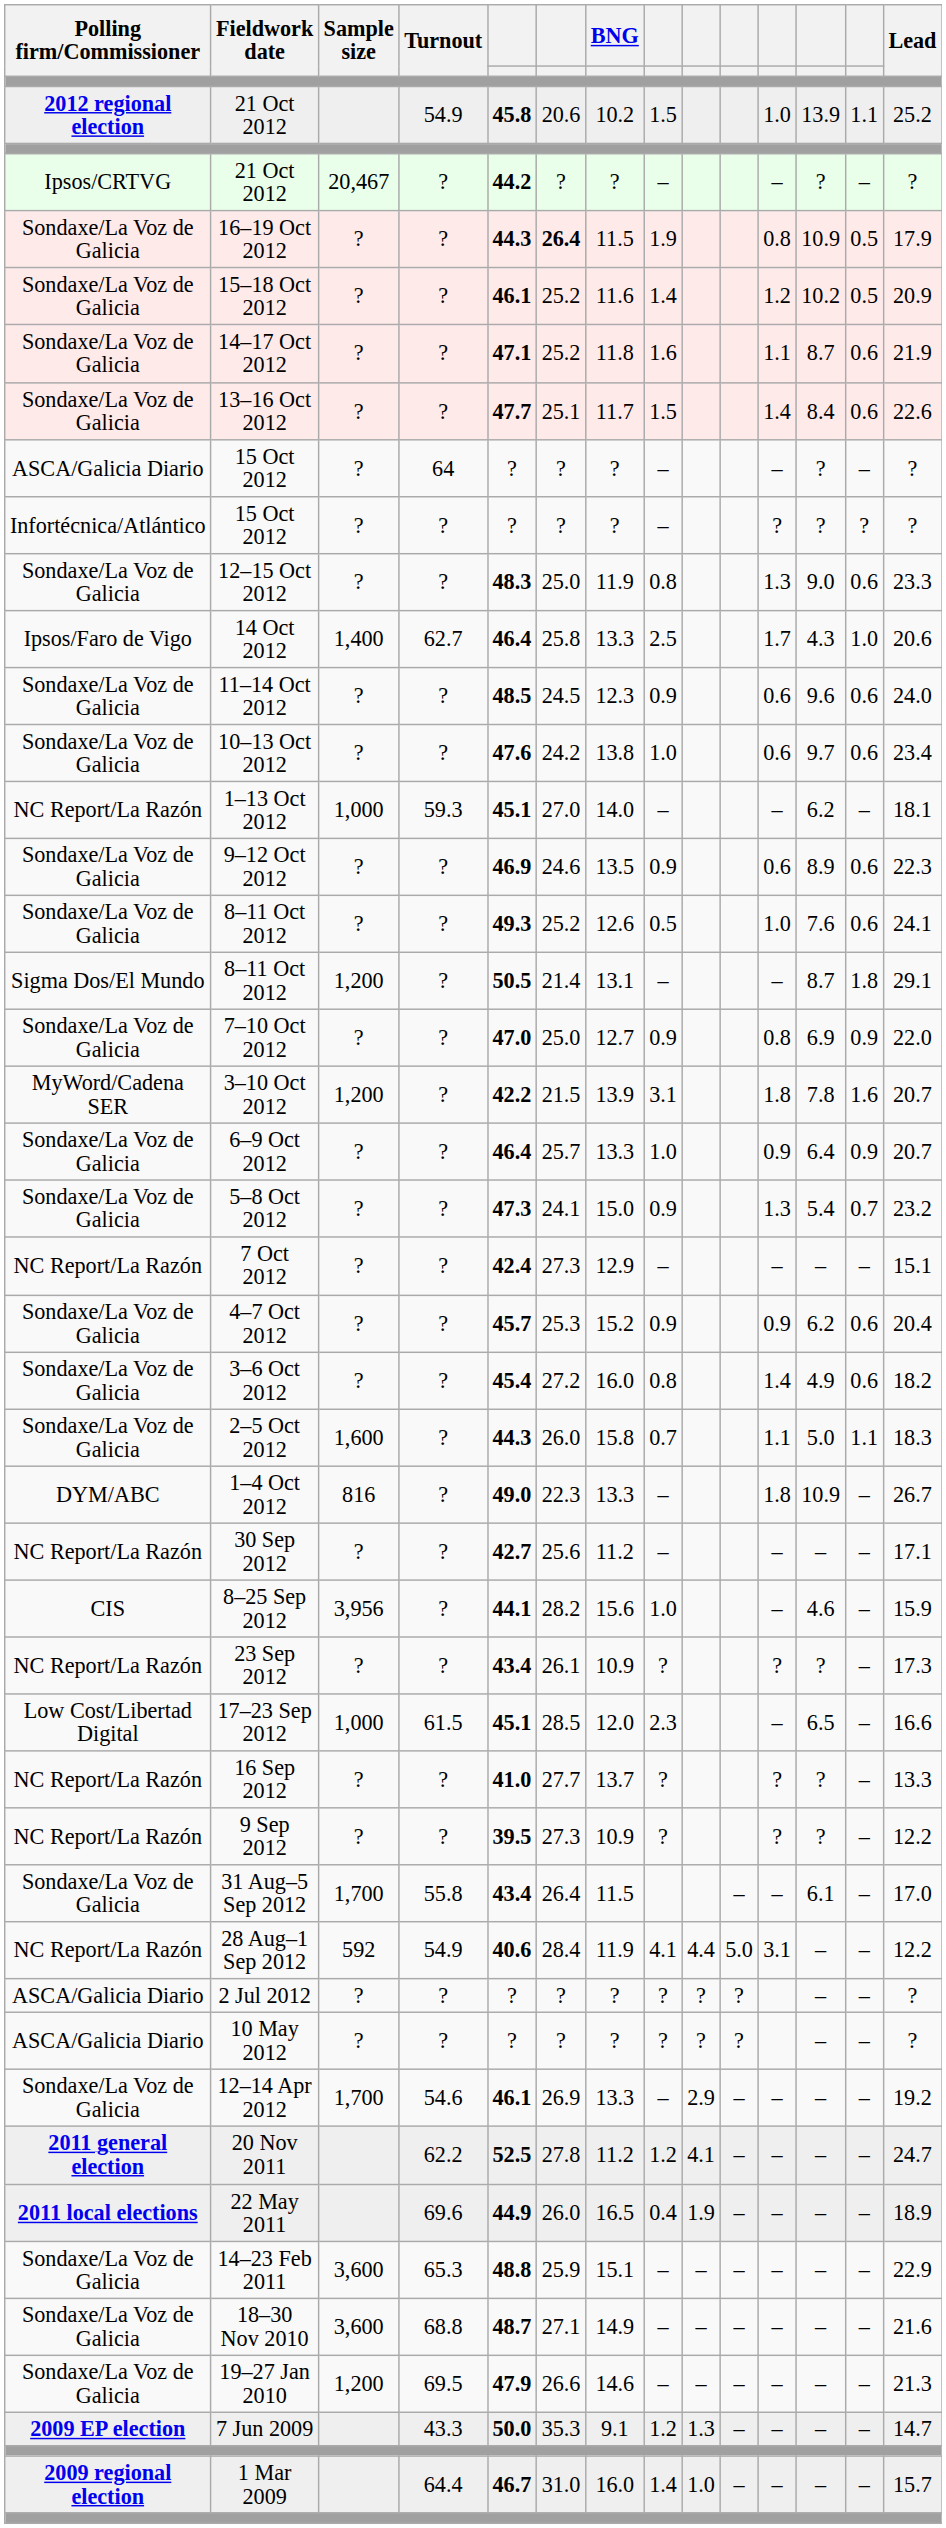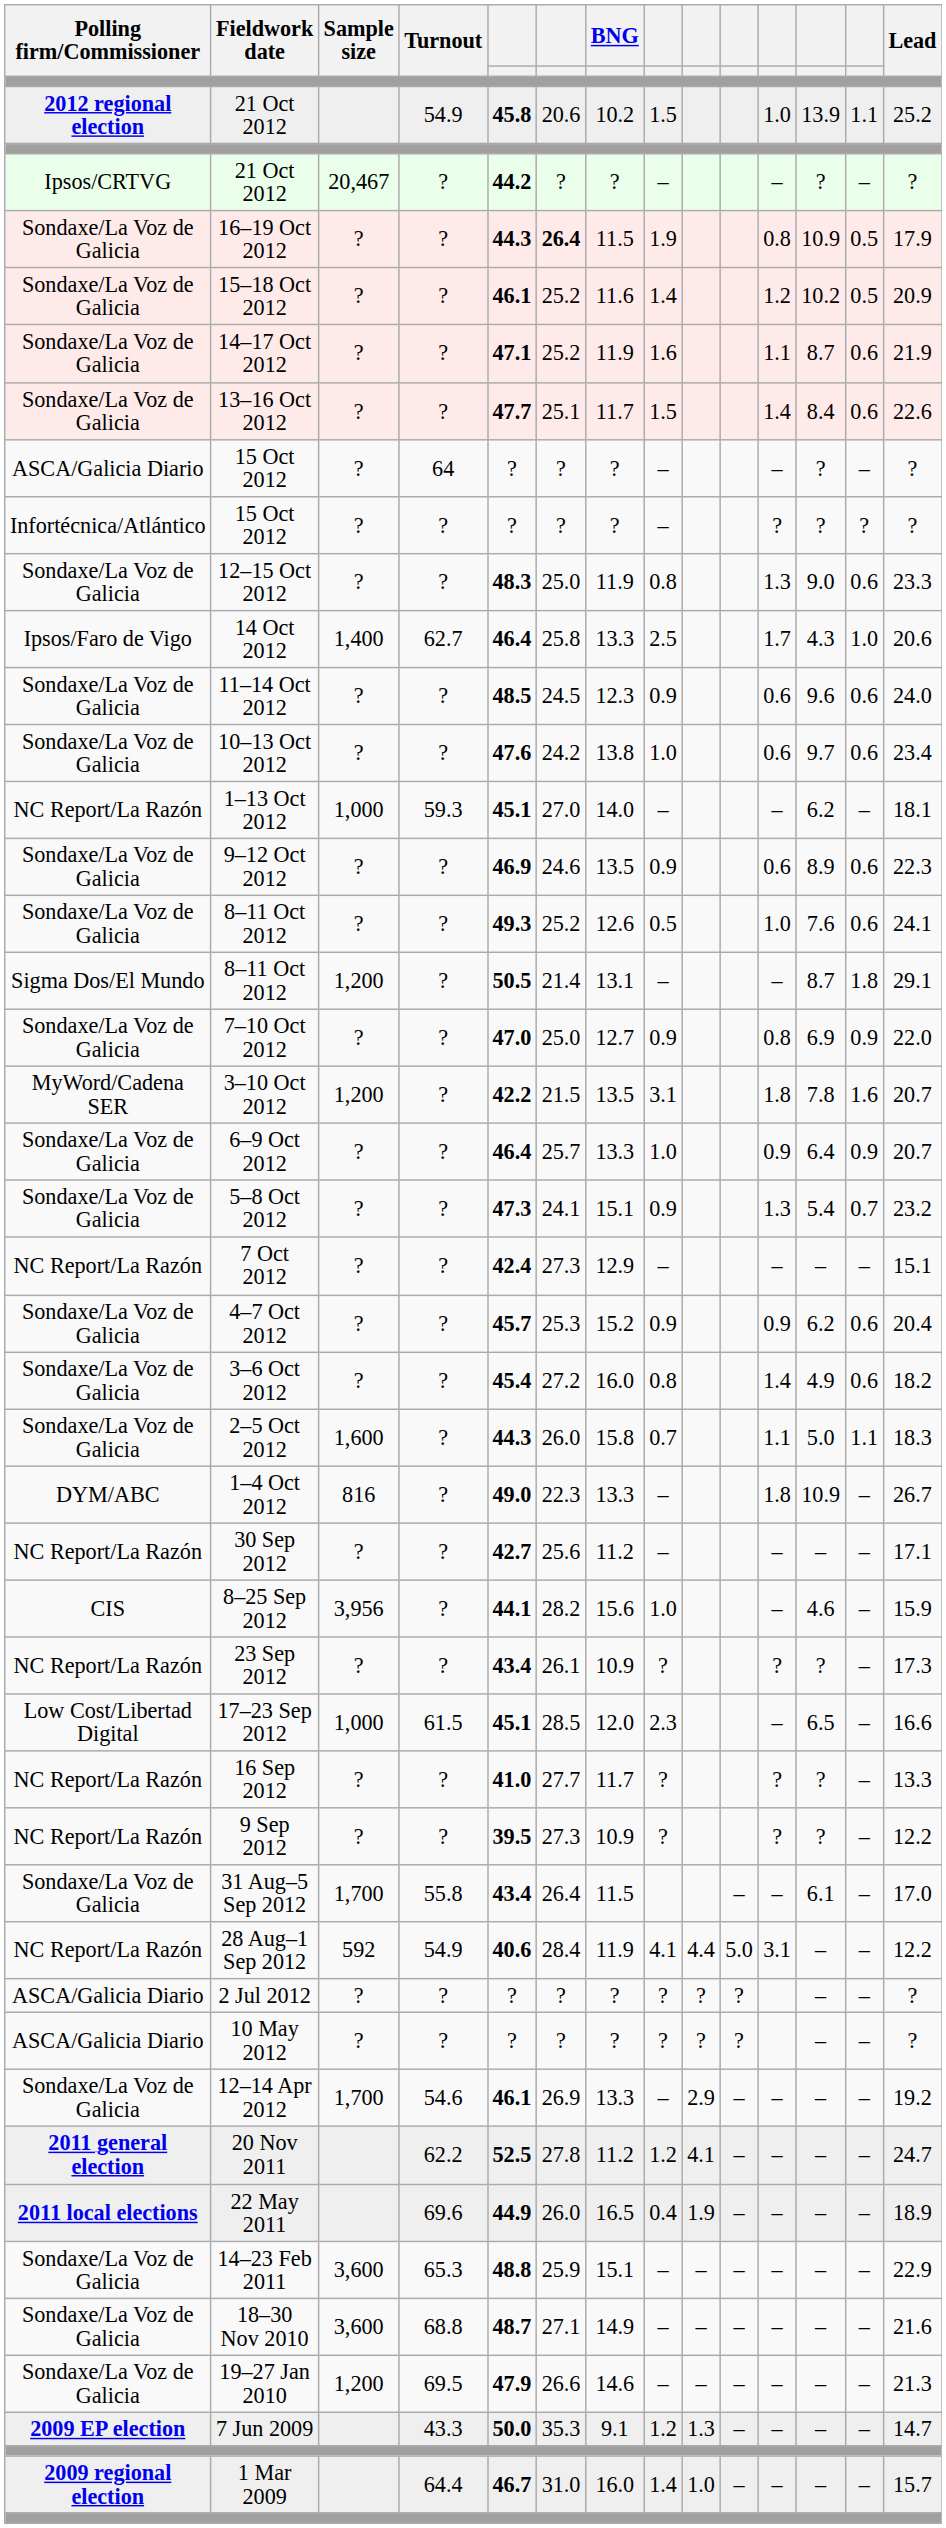 <table class="wikitable collapsible collapsed" style="text-align:center; font-size:95%; line-height:16px;">
 <tr style="height:42px;">
 <th style="width:250px;" rowspan="2">Polling firm/Commissioner</th>
 <th style="width:125px;" rowspan="2">Fieldwork date</th>
 <th style="width:50px;" rowspan="2">Sample size</th>
 <th style="width:45px;" rowspan="2">Turnout</th>
 <th style="width:35px;"></th>
 <th style="width:35px;"></th>
 <th style="width:35px;"><a href='#'>BNG</a></th>
 <th style="width:35px;"></th>
 <th style="width:35px;"></th>
 <th style="width:35px;"></th>
 <th style="width:35px;"></th>
 <th style="width:35px;"></th>
 <th style="width:35px;"></th>
 <th style="width:30px;" rowspan="2">Lead</th>
 </tr>
 <tr>
 <th style="color:inherit;background:"></th>
 <th style="color:inherit;background:"></th>
 <th style="color:inherit;background:"></th>
 <th style="color:inherit;background:"></th>
 <th style="color:inherit;background:"></th>
 <th style="color:inherit;background:"></th>
 <th style="color:inherit;background:"></th>
 <th style="color:inherit;background:"></th>
 <th style="color:inherit;background:"></th>
 </tr>
 <tr>
 <td colspan="14" style="background:#A0A0A0"></td>
 </tr>
 <tr style="background:#EFEFEF;">
 <td><strong><a href='#'>2012 regional election</a></strong></td>
 <td>21 Oct 2012</td>
 <td></td>
 <td>54.9</td>
 <td><strong>45.8</strong><br></td>
 <td>20.6<br></td>
 <td>10.2<br></td>
 <td>1.5<br></td>
 <td></td>
 <td></td>
 <td>1.0<br></td>
 <td>13.9<br></td>
 <td>1.1<br></td>
 <td style="background:">25.2</td>
 </tr>
 <tr>
 <td colspan="14" style="background:#A0A0A0"></td>
 </tr>
 <tr style="background:#EAFFEA;">
 <td>Ipsos/CRTVG</td>
 <td>21 Oct 2012</td>
 <td>20,467</td>
 <td>?</td>
 <td><strong>44.2</strong><br></td>
 <td>?<br></td>
 <td>?<br></td>
 <td>–</td>
 <td></td>
 <td></td>
 <td>–</td>
 <td>?<br></td>
 <td>–</td>
 <td style="background:">?</td>
 </tr>
 <tr style="background:#FFEAEA;">
 <td>Sondaxe/La Voz de Galicia</td>
 <td>16–19 Oct 2012</td>
 <td>?</td>
 <td>?</td>
 <td><strong>44.3</strong><br></td>
 <td><strong>26.4<br></strong></td>
 <td>11.5<br></td>
 <td>1.9<br></td>
 <td></td>
 <td></td>
 <td>0.8<br></td>
 <td>10.9<br></td>
 <td>0.5<br></td>
 <td style="background:">17.9</td>
 </tr>
 <tr style="background:#FFEAEA;">
 <td>Sondaxe/La Voz de Galicia</td>
 <td>15–18 Oct 2012</td>
 <td>?</td>
 <td>?</td>
 <td><strong>46.1</strong><br></td>
 <td>25.2<br></td>
 <td>11.6<br></td>
 <td>1.4<br></td>
 <td></td>
 <td></td>
 <td>1.2<br></td>
 <td>10.2<br></td>
 <td>0.5<br></td>
 <td style="background:">20.9</td>
 </tr>
 <tr style="background:#FFEAEA;">
 <td>Sondaxe/La Voz de Galicia</td>
 <td>14–17 Oct 2012</td>
 <td>?</td>
 <td>?</td>
 <td><strong>47.1</strong><br></td>
 <td>25.2<br></td>
-<td>11.8<br></td>
+<td>11.9<br></td>
 <td>1.6<br></td>
 <td></td>
 <td></td>
 <td>1.1<br></td>
 <td>8.7<br></td>
 <td>0.6<br></td>
 <td style="background:">21.9</td>
 </tr>
 <tr style="background:#FFEAEA;">
 <td>Sondaxe/La Voz de Galicia</td>
 <td>13–16 Oct 2012</td>
 <td>?</td>
 <td>?</td>
 <td><strong>47.7</strong><br></td>
 <td>25.1<br></td>
 <td>11.7<br></td>
 <td>1.5<br></td>
 <td></td>
 <td></td>
 <td>1.4<br></td>
 <td>8.4<br></td>
 <td>0.6<br></td>
 <td style="background:">22.6</td>
 </tr>
 <tr>
 <td>ASCA/Galicia Diario</td>
 <td>15 Oct 2012</td>
 <td>?</td>
 <td>64</td>
 <td>?<br></td>
 <td>?<br></td>
 <td>?<br></td>
 <td>–</td>
 <td></td>
 <td></td>
 <td>–</td>
 <td>?<br></td>
 <td>–</td>
 <td style="background:">?</td>
 </tr>
 <tr>
 <td>Infortécnica/Atlántico</td>
 <td>15 Oct 2012</td>
 <td>?</td>
 <td>?</td>
 <td>?<br></td>
 <td>?<br></td>
 <td>?<br></td>
 <td>–</td>
 <td></td>
 <td></td>
 <td>?<br></td>
 <td>?<br></td>
 <td>?<br></td>
 <td style="background:">?</td>
 </tr>
 <tr>
 <td>Sondaxe/La Voz de Galicia</td>
 <td>12–15 Oct 2012</td>
 <td>?</td>
 <td>?</td>
 <td><strong>48.3</strong><br></td>
 <td>25.0<br></td>
 <td>11.9<br></td>
 <td>0.8<br></td>
 <td></td>
 <td></td>
 <td>1.3<br></td>
 <td>9.0<br></td>
 <td>0.6<br></td>
 <td style="background:">23.3</td>
 </tr>
 <tr>
 <td>Ipsos/Faro de Vigo</td>
 <td>14 Oct 2012</td>
 <td>1,400</td>
 <td>62.7</td>
 <td><strong>46.4</strong><br></td>
 <td>25.8<br></td>
 <td>13.3<br></td>
 <td>2.5<br></td>
 <td></td>
 <td></td>
 <td>1.7<br></td>
 <td>4.3<br></td>
 <td>1.0<br></td>
 <td style="background:">20.6</td>
 </tr>
 <tr>
 <td>Sondaxe/La Voz de Galicia</td>
 <td>11–14 Oct 2012</td>
 <td>?</td>
 <td>?</td>
 <td><strong>48.5</strong><br></td>
 <td>24.5<br></td>
 <td>12.3<br></td>
 <td>0.9<br></td>
 <td></td>
 <td></td>
 <td>0.6<br></td>
 <td>9.6<br></td>
 <td>0.6<br></td>
 <td style="background:">24.0</td>
 </tr>
 <tr>
 <td>Sondaxe/La Voz de Galicia</td>
 <td>10–13 Oct 2012</td>
 <td>?</td>
 <td>?</td>
 <td><strong>47.6</strong><br></td>
 <td>24.2<br></td>
 <td>13.8<br></td>
 <td>1.0<br></td>
 <td></td>
 <td></td>
 <td>0.6<br></td>
 <td>9.7<br></td>
 <td>0.6<br></td>
 <td style="background:">23.4</td>
 </tr>
 <tr>
 <td>NC Report/La Razón</td>
 <td>1–13 Oct 2012</td>
 <td>1,000</td>
 <td>59.3</td>
 <td><strong>45.1</strong><br></td>
 <td>27.0<br></td>
 <td>14.0<br></td>
 <td>–</td>
 <td></td>
 <td></td>
 <td>–</td>
 <td>6.2<br></td>
 <td>–</td>
 <td style="background:">18.1</td>
 </tr>
 <tr>
 <td>Sondaxe/La Voz de Galicia</td>
 <td>9–12 Oct 2012</td>
 <td>?</td>
 <td>?</td>
 <td><strong>46.9</strong><br></td>
 <td>24.6<br></td>
 <td>13.5<br></td>
 <td>0.9<br></td>
 <td></td>
 <td></td>
 <td>0.6<br></td>
 <td>8.9<br></td>
 <td>0.6<br></td>
 <td style="background:">22.3</td>
 </tr>
 <tr>
 <td>Sondaxe/La Voz de Galicia</td>
 <td>8–11 Oct 2012</td>
 <td>?</td>
 <td>?</td>
 <td><strong>49.3</strong><br></td>
 <td>25.2<br></td>
 <td>12.6<br></td>
 <td>0.5<br></td>
 <td></td>
 <td></td>
 <td>1.0<br></td>
 <td>7.6<br></td>
 <td>0.6<br></td>
 <td style="background:">24.1</td>
 </tr>
 <tr>
 <td>Sigma Dos/El Mundo</td>
 <td>8–11 Oct 2012</td>
 <td>1,200</td>
 <td>?</td>
 <td><strong>50.5</strong><br></td>
 <td>21.4<br></td>
 <td>13.1<br></td>
 <td>–</td>
 <td></td>
 <td></td>
 <td>–</td>
 <td>8.7<br></td>
 <td>1.8</td>
 <td style="background:">29.1</td>
 </tr>
 <tr>
 <td>Sondaxe/La Voz de Galicia</td>
 <td>7–10 Oct 2012</td>
 <td>?</td>
 <td>?</td>
 <td><strong>47.0</strong><br></td>
 <td>25.0<br></td>
 <td>12.7<br></td>
 <td>0.9<br></td>
 <td></td>
 <td></td>
 <td>0.8<br></td>
 <td>6.9<br></td>
 <td>0.9<br></td>
 <td style="background:">22.0</td>
 </tr>
 <tr>
 <td>MyWord/Cadena SER</td>
 <td>3–10 Oct 2012</td>
 <td>1,200</td>
 <td>?</td>
 <td><strong>42.2</strong><br></td>
 <td>21.5<br></td>
-<td>13.9<br></td>
+<td>13.5<br></td>
 <td>3.1<br></td>
 <td></td>
 <td></td>
 <td>1.8<br></td>
 <td>7.8<br></td>
 <td>1.6<br></td>
 <td style="background:">20.7</td>
 </tr>
 <tr>
 <td>Sondaxe/La Voz de Galicia</td>
 <td>6–9 Oct 2012</td>
 <td>?</td>
 <td>?</td>
 <td><strong>46.4</strong><br></td>
 <td>25.7<br></td>
 <td>13.3<br></td>
 <td>1.0<br></td>
 <td></td>
 <td></td>
 <td>0.9<br></td>
 <td>6.4<br></td>
 <td>0.9<br></td>
 <td style="background:">20.7</td>
 </tr>
 <tr>
 <td>Sondaxe/La Voz de Galicia</td>
 <td>5–8 Oct 2012</td>
 <td>?</td>
 <td>?</td>
 <td><strong>47.3</strong><br></td>
 <td>24.1<br></td>
-<td>15.0<br></td>
+<td>15.1<br></td>
 <td>0.9<br></td>
 <td></td>
 <td></td>
 <td>1.3<br></td>
 <td>5.4<br></td>
 <td>0.7<br></td>
 <td style="background:">23.2</td>
 </tr>
 <tr>
 <td>NC Report/La Razón</td>
 <td>7 Oct 2012</td>
 <td>?</td>
 <td>?</td>
 <td><strong>42.4</strong></td>
 <td>27.3</td>
 <td>12.9</td>
 <td>–</td>
 <td></td>
 <td></td>
 <td>–</td>
 <td>–</td>
 <td>–</td>
 <td style="background:">15.1</td>
 </tr>
 <tr>
 <td>Sondaxe/La Voz de Galicia</td>
 <td>4–7 Oct 2012</td>
 <td>?</td>
 <td>?</td>
 <td><strong>45.7</strong><br></td>
 <td>25.3<br></td>
 <td>15.2<br></td>
 <td>0.9<br></td>
 <td></td>
 <td></td>
 <td>0.9<br></td>
 <td>6.2<br></td>
 <td>0.6<br></td>
 <td style="background:">20.4</td>
 </tr>
 <tr>
 <td>Sondaxe/La Voz de Galicia</td>
 <td>3–6 Oct 2012</td>
 <td>?</td>
 <td>?</td>
 <td><strong>45.4</strong><br></td>
 <td>27.2<br></td>
 <td>16.0<br></td>
 <td>0.8<br></td>
 <td></td>
 <td></td>
 <td>1.4<br></td>
 <td>4.9<br></td>
 <td>0.6<br></td>
 <td style="background:">18.2</td>
 </tr>
 <tr>
 <td>Sondaxe/La Voz de Galicia</td>
 <td>2–5 Oct 2012</td>
 <td>1,600</td>
 <td>?</td>
 <td><strong>44.3</strong><br></td>
 <td>26.0<br></td>
 <td>15.8<br></td>
 <td>0.7<br></td>
 <td></td>
 <td></td>
 <td>1.1<br></td>
 <td>5.0<br></td>
 <td>1.1<br></td>
 <td style="background:">18.3</td>
 </tr>
 <tr>
 <td>DYM/ABC</td>
 <td>1–4 Oct 2012</td>
 <td>816</td>
 <td>?</td>
 <td><strong>49.0</strong><br></td>
 <td>22.3<br></td>
 <td>13.3<br></td>
 <td>–</td>
 <td></td>
 <td></td>
 <td>1.8<br></td>
 <td>10.9<br></td>
 <td>–</td>
 <td style="background:">26.7</td>
 </tr>
 <tr>
 <td>NC Report/La Razón</td>
 <td>30 Sep 2012</td>
 <td>?</td>
 <td>?</td>
 <td><strong>42.7</strong></td>
 <td>25.6</td>
 <td>11.2</td>
 <td>–</td>
 <td></td>
 <td></td>
 <td>–</td>
 <td>–</td>
 <td>–</td>
 <td style="background:">17.1</td>
 </tr>
 <tr>
 <td>CIS</td>
 <td>8–25 Sep 2012</td>
 <td>3,956</td>
 <td>?</td>
 <td><strong>44.1</strong><br></td>
 <td>28.2<br></td>
 <td>15.6<br></td>
 <td>1.0<br></td>
 <td></td>
 <td></td>
 <td>–</td>
 <td>4.6<br></td>
 <td>–</td>
 <td style="background:">15.9</td>
 </tr>
 <tr>
 <td>NC Report/La Razón</td>
 <td>23 Sep 2012</td>
 <td>?</td>
 <td>?</td>
 <td><strong>43.4</strong><br></td>
 <td>26.1<br></td>
 <td>10.9<br></td>
 <td>?<br></td>
 <td></td>
 <td></td>
 <td>?<br></td>
 <td>?<br></td>
 <td>–</td>
 <td style="background:">17.3</td>
 </tr>
 <tr>
 <td>Low Cost/Libertad Digital</td>
 <td>17–23 Sep 2012</td>
 <td>1,000</td>
 <td>61.5</td>
 <td><strong>45.1</strong><br></td>
 <td>28.5<br></td>
 <td>12.0<br></td>
 <td>2.3<br></td>
 <td></td>
 <td></td>
 <td>–</td>
 <td>6.5<br></td>
 <td>–</td>
 <td style="background:">16.6</td>
 </tr>
 <tr>
 <td>NC Report/La Razón</td>
 <td>16 Sep 2012</td>
 <td>?</td>
 <td>?</td>
 <td><strong>41.0</strong><br></td>
 <td>27.7<br></td>
-<td>13.7<br></td>
+<td>11.7<br></td>
 <td>?<br></td>
 <td></td>
 <td></td>
 <td>?<br></td>
 <td>?<br></td>
 <td>–</td>
 <td style="background:">13.3</td>
 </tr>
 <tr>
 <td>NC Report/La Razón</td>
 <td>9 Sep 2012</td>
 <td>?</td>
 <td>?</td>
 <td><strong>39.5</strong><br></td>
 <td>27.3<br></td>
 <td>10.9<br></td>
 <td>?<br></td>
 <td></td>
 <td></td>
 <td>?<br></td>
 <td>?<br></td>
 <td>–</td>
 <td style="background:">12.2</td>
 </tr>
 <tr>
 <td>Sondaxe/La Voz de Galicia</td>
 <td>31 Aug–5 Sep 2012</td>
 <td>1,700</td>
 <td>55.8</td>
 <td><strong>43.4</strong><br></td>
 <td>26.4<br></td>
 <td>11.5<br></td>
 <td></td>
 <td></td>
 <td>–</td>
 <td>–</td>
 <td>6.1<br></td>
 <td>–</td>
 <td style="background:">17.0</td>
 </tr>
 <tr>
 <td>NC Report/La Razón</td>
 <td>28 Aug–1 Sep 2012</td>
 <td>592</td>
 <td>54.9</td>
 <td><strong>40.6</strong><br></td>
 <td>28.4<br></td>
 <td>11.9<br></td>
 <td>4.1<br></td>
 <td>4.4<br></td>
 <td>5.0<br></td>
 <td>3.1<br></td>
 <td>–</td>
 <td>–</td>
 <td style="background:">12.2</td>
 </tr>
 <tr>
 <td>ASCA/Galicia Diario</td>
 <td>2 Jul 2012</td>
 <td>?</td>
 <td>?</td>
 <td>?<br></td>
 <td>?<br></td>
 <td>?<br></td>
 <td>?<br></td>
 <td>?<br></td>
 <td>?<br></td>
 <td></td>
 <td>–</td>
 <td>–</td>
 <td style="background:">?</td>
 </tr>
 <tr>
 <td>ASCA/Galicia Diario</td>
 <td>10 May 2012</td>
 <td>?</td>
 <td>?</td>
 <td>?<br></td>
 <td>?<br></td>
 <td>?<br></td>
 <td>?<br></td>
 <td>?<br></td>
 <td>?<br></td>
 <td></td>
 <td>–</td>
 <td>–</td>
 <td style="background:">?</td>
 </tr>
 <tr>
 <td>Sondaxe/La Voz de Galicia</td>
 <td>12–14 Apr 2012</td>
 <td>1,700</td>
 <td>54.6</td>
 <td><strong>46.1</strong><br></td>
 <td>26.9<br></td>
 <td>13.3<br></td>
 <td>–</td>
 <td>2.9<br></td>
 <td>–</td>
 <td>–</td>
 <td>–</td>
 <td>–</td>
 <td style="background:">19.2</td>
 </tr>
 <tr style="background:#EFEFEF;">
 <td><strong><a href='#'>2011 general election</a></strong></td>
 <td>20 Nov 2011</td>
 <td></td>
 <td>62.2</td>
 <td><strong>52.5</strong><br></td>
 <td>27.8<br></td>
 <td>11.2<br></td>
 <td>1.2<br></td>
 <td>4.1<br></td>
 <td>–</td>
 <td>–</td>
 <td>–</td>
 <td>–</td>
 <td style="background:">24.7</td>
 </tr>
 <tr style="background:#EFEFEF;">
 <td><strong><a href='#'>2011 local elections</a></strong></td>
 <td>22 May 2011</td>
 <td></td>
 <td>69.6</td>
 <td><strong>44.9</strong></td>
 <td>26.0</td>
 <td>16.5</td>
 <td>0.4</td>
 <td>1.9</td>
 <td>–</td>
 <td>–</td>
 <td>–</td>
 <td>–</td>
 <td style="background:">18.9</td>
 </tr>
 <tr>
 <td>Sondaxe/La Voz de Galicia</td>
 <td>14–23 Feb 2011</td>
 <td>3,600</td>
 <td>65.3</td>
 <td><strong>48.8</strong><br></td>
 <td>25.9<br></td>
 <td>15.1<br></td>
 <td>–</td>
 <td>–</td>
 <td>–</td>
 <td>–</td>
 <td>–</td>
 <td>–</td>
 <td style="background:">22.9</td>
 </tr>
 <tr>
 <td>Sondaxe/La Voz de Galicia</td>
 <td>18–30 Nov 2010</td>
 <td>3,600</td>
 <td>68.8</td>
 <td><strong>48.7</strong><br></td>
 <td>27.1<br></td>
 <td>14.9<br></td>
 <td>–</td>
 <td>–</td>
 <td>–</td>
 <td>–</td>
 <td>–</td>
 <td>–</td>
 <td style="background:">21.6</td>
 </tr>
 <tr>
 <td>Sondaxe/La Voz de Galicia</td>
 <td>19–27 Jan 2010</td>
 <td>1,200</td>
 <td>69.5</td>
 <td><strong>47.9</strong><br></td>
 <td>26.6<br></td>
 <td>14.6<br></td>
 <td>–</td>
 <td>–</td>
 <td>–</td>
 <td>–</td>
 <td>–</td>
 <td>–</td>
 <td style="background:">21.3</td>
 </tr>
 <tr style="background:#EFEFEF;">
 <td><strong><a href='#'>2009 EP election</a></strong></td>
 <td>7 Jun 2009</td>
 <td></td>
 <td>43.3</td>
 <td><strong>50.0</strong><br></td>
 <td>35.3<br></td>
 <td>9.1<br></td>
 <td>1.2<br></td>
 <td>1.3<br></td>
 <td>–</td>
 <td>–</td>
 <td>–</td>
 <td>–</td>
 <td style="background:">14.7</td>
 </tr>
 <tr>
 <td colspan="14" style="background:#A0A0A0"></td>
 </tr>
 <tr style="background:#EFEFEF;">
 <td><strong><a href='#'>2009 regional election</a></strong></td>
 <td>1 Mar 2009</td>
 <td></td>
 <td>64.4</td>
 <td><strong>46.7</strong><br></td>
 <td>31.0<br></td>
 <td>16.0<br></td>
 <td>1.4<br></td>
 <td>1.0<br></td>
 <td>–</td>
 <td>–</td>
 <td>–</td>
 <td>–</td>
 <td style="background:">15.7</td>
 </tr>
 <tr>
 <td colspan="14" style="background:#A0A0A0"></td>
 </tr>
 </table>
